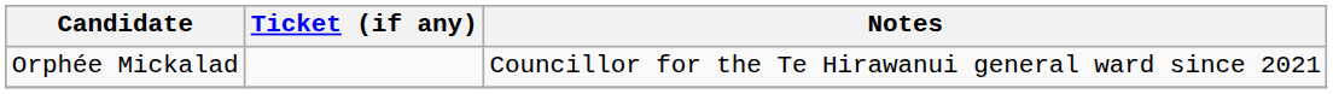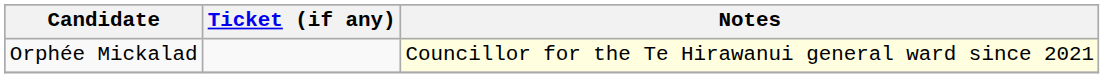 <table class="wikitable" style="font-size: 95%">
 <tr>
 <th>Candidate</th>
 <th><a href='#'>Ticket</a> (if any)</th>
 <th>Notes</th>
 </tr>
 <tr>
 <td>Orphée Mickalad</td>
 <td></td>
-<td>Councillor for the Te Hirawanui general ward since 2021</td>
+<td style="background: lightyellow;">Councillor for the Te Hirawanui general ward since 2021</td>
 </tr>
 <tr>
 </tr>
 </table>
